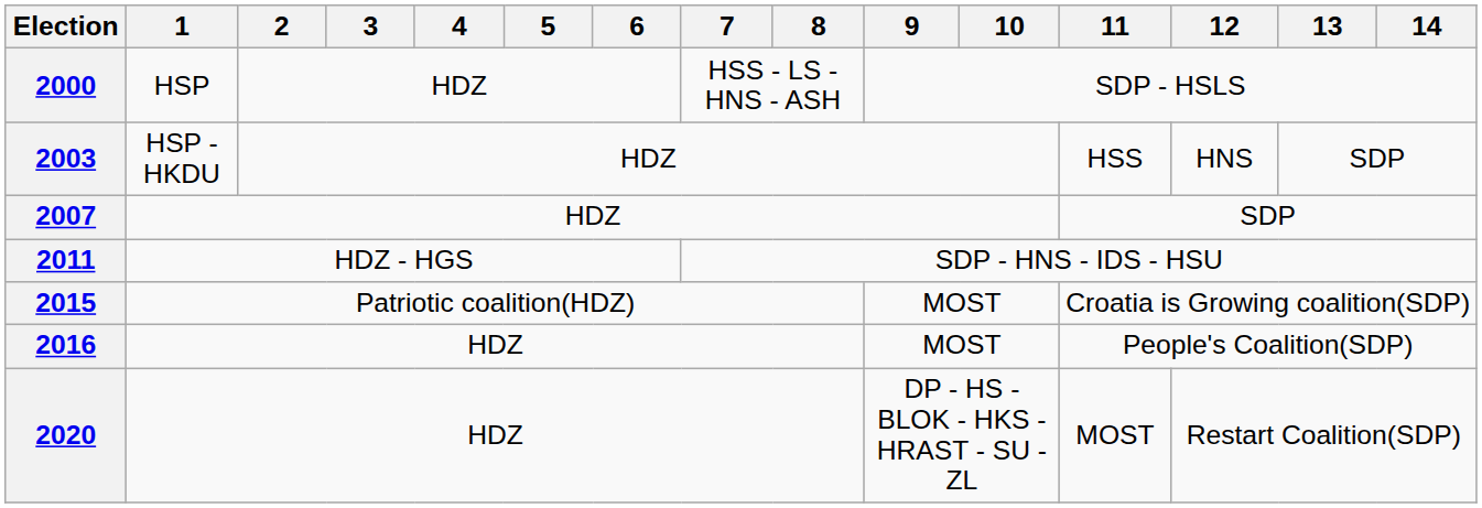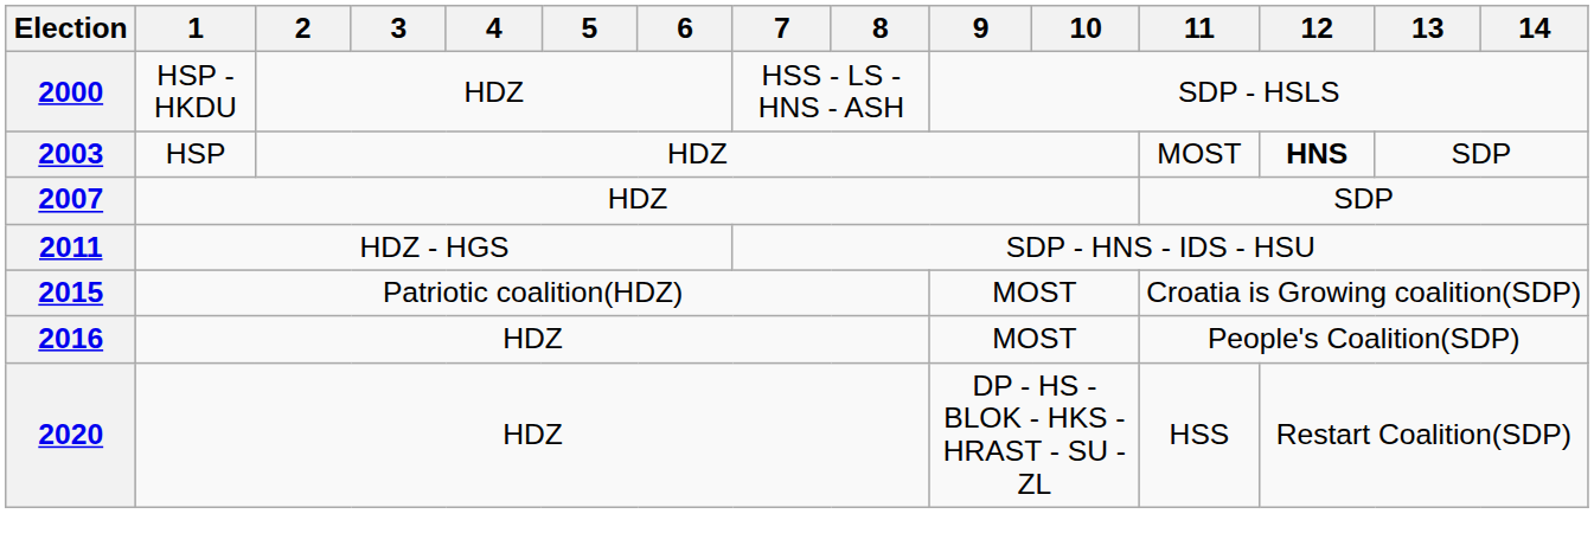 <table class=wikitable style="text-align: center;">
 <tr>
 <th style="width: 65px;">Election</th>
 <th style="width: 65px;">1</th>
 <th style="width: 65px;">2</th>
 <th style="width: 65px;">3</th>
 <th style="width: 65px;">4</th>
 <th style="width: 65px;">5</th>
 <th style="width: 65px;">6</th>
 <th style="width: 65px;">7</th>
 <th style="width: 65px;">8</th>
 <th style="width: 65px;">9</th>
 <th style="width: 65px;">10</th>
 <th style="width: 65px;">11</th>
 <th style="width: 65px;">12</th>
 <th style="width: 65px;">13</th>
 <th style="width: 65px;">14</th>
 </tr>
 <tr>
 <th><a href='#'>2000</a></th>
-<td style="background:">HSP</td>
+<td style="background:">HSP - HKDU</td>
 <td colspan=5 style="background:">HDZ</td>
 <td colspan=2 style="background:">HSS - LS - HNS - ASH</td>
 <td colspan=6 style="background:">SDP - HSLS</td>
 </tr>
 <tr>
 <th><a href='#'>2003</a></th>
-<td style="background:">HSP - HKDU</td>
+<td style="background:">HSP</td>
 <td colspan=9 style="background:">HDZ</td>
-<td style="background:">HSS</td>
-<td style="background:">HNS</td>
+<td style="background:">MOST</td>
+<td style="background:"><strong>HNS</strong></td>
 <td colspan=2 style="background:">SDP</td>
 </tr>
 <tr>
 <th><a href='#'>2007</a></th>
 <td colspan=10 style="background:">HDZ</td>
 <td colspan=4 style="background:">SDP</td>
 </tr>
 <tr>
 <th><a href='#'>2011</a></th>
 <td colspan=6 style="background:">HDZ - HGS</td>
 <td colspan=8 style="background:">SDP - HNS - IDS - HSU</td>
 </tr>
 <tr>
 <th><a href='#'>2015</a></th>
 <td colspan=8 style="background:">Patriotic coalition(HDZ)</td>
 <td colspan=2 style="background:">MOST</td>
 <td colspan=4 style="background:">Croatia is Growing coalition(SDP)</td>
 </tr>
 <tr>
 <th><a href='#'>2016</a></th>
 <td colspan=8 style="background:">HDZ</td>
 <td colspan=2 style="background:">MOST</td>
 <td colspan=4 style="background:">People's Coalition(SDP)</td>
 </tr>
 <tr>
 <th><a href='#'>2020</a></th>
 <td colspan=8 style="background:">HDZ</td>
 <td colspan=2 style="background:">DP - HS - BLOK - HKS - HRAST - SU - ZL</td>
-<td style="background:">MOST</td>
+<td style="background:">HSS</td>
 <td colspan=3 style="background:">Restart Coalition(SDP)</td>
 </tr>
 </table>
